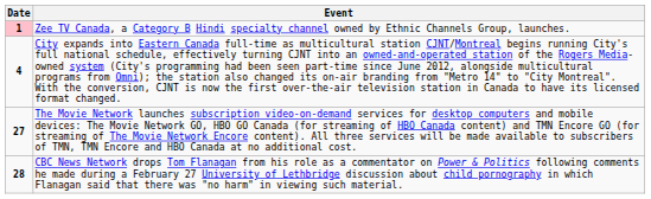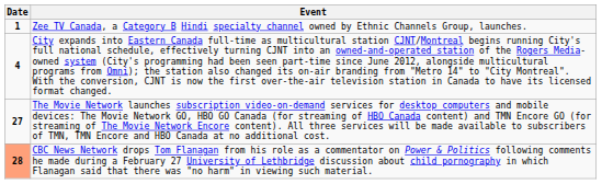 <table class="wikitable">
 <tr>
 <th>Date</th>
 <th>Event</th>
 </tr>
 <tr>
-<td style="background: pink; text-align:center;"><strong>1</strong></td>
+<td style="text-align:center;"><strong>1</strong></td>
 <td><a href='#'>Zee TV Canada</a>, a <a href='#'>Category B</a> <a href='#'>Hindi</a> <a href='#'>specialty channel</a> owned by Ethnic Channels Group, launches.</td>
 </tr>
 <tr>
 <td style="text-align:center;"><strong>4</strong></td>
 <td><a href='#'>City</a> expands into <a href='#'>Eastern Canada</a> full-time as multicultural station <a href='#'>CJNT</a>/<a href='#'>Montreal</a> begins running City's full national schedule, effectively turning CJNT into an <a href='#'>owned-and-operated station</a> of the <a href='#'>Rogers Media</a>-owned <a href='#'>system</a> (City's programming had been seen part-time since June 2012, alongside multicultural programs from <a href='#'>Omni</a>); the station also changed its on-air branding from "Metro 14" to "City Montreal". With the conversion, CJNT is now the first over-the-air television station in Canada to have its licensed format changed.</td>
 </tr>
 <tr>
 <td style="text-align:center;"><strong>27</strong></td>
 <td><a href='#'>The Movie Network</a> launches <a href='#'>subscription video-on-demand</a> services for <a href='#'>desktop computers</a> and mobile devices: The Movie Network GO, HBO GO Canada (for streaming of <a href='#'>HBO Canada</a> content) and TMN Encore GO (for streaming of <a href='#'>The Movie Network Encore</a> content). All three services will be made available to subscribers of TMN, TMN Encore and HBO Canada at no additional cost.</td>
 </tr>
 <tr>
-<td style="text-align:center;"><strong>28</strong></td>
+<td style="background: lightsalmon; text-align:center;"><strong>28</strong></td>
 <td><a href='#'>CBC News Network</a> drops <a href='#'>Tom Flanagan</a> from his role as a commentator on <em><a href='#'>Power & Politics</a></em> following comments he made during a February 27 <a href='#'>University of Lethbridge</a> discussion about <a href='#'>child pornography</a> in which Flanagan said that there was "no harm" in viewing such material.</td>
 </tr>
 </table>
